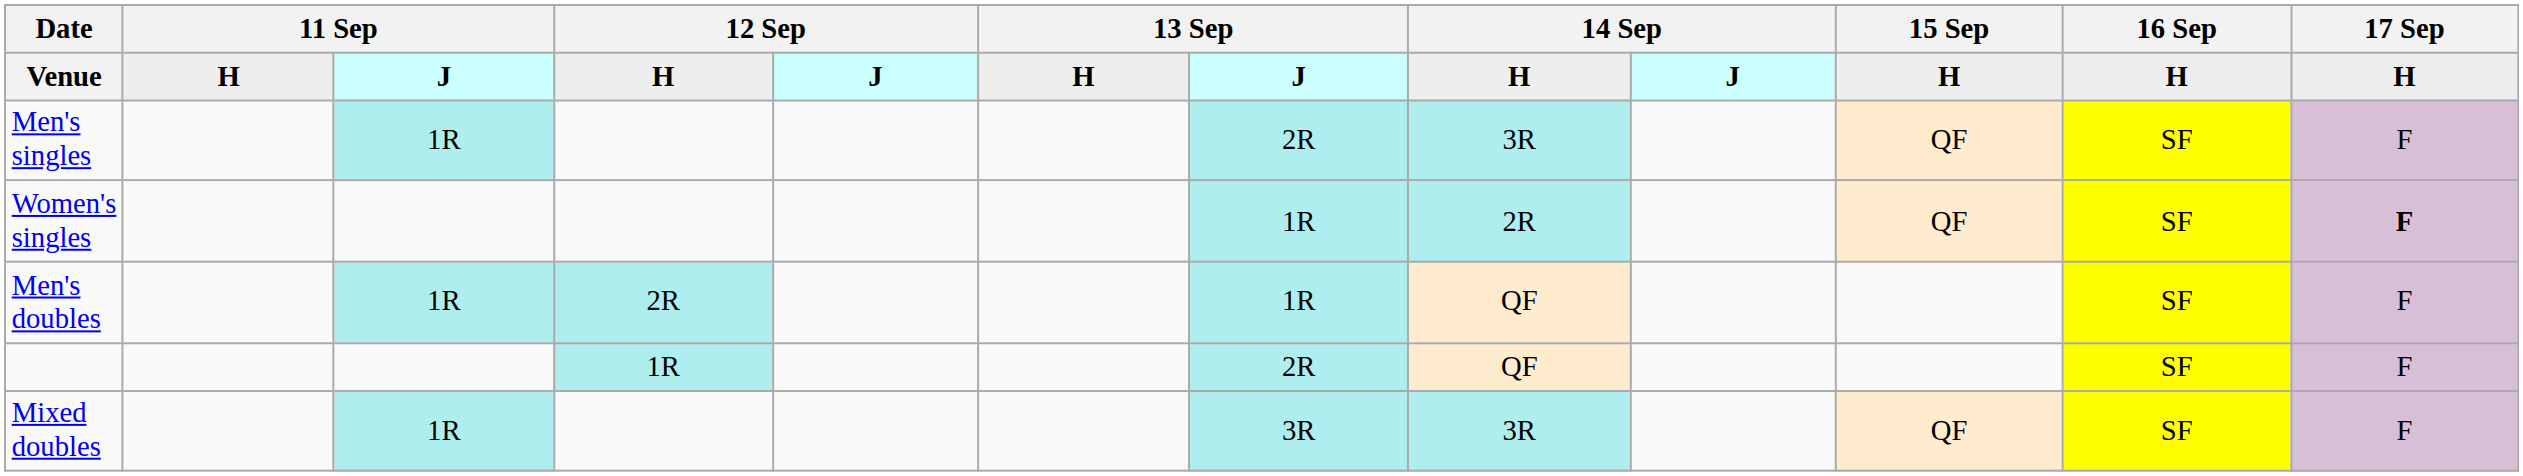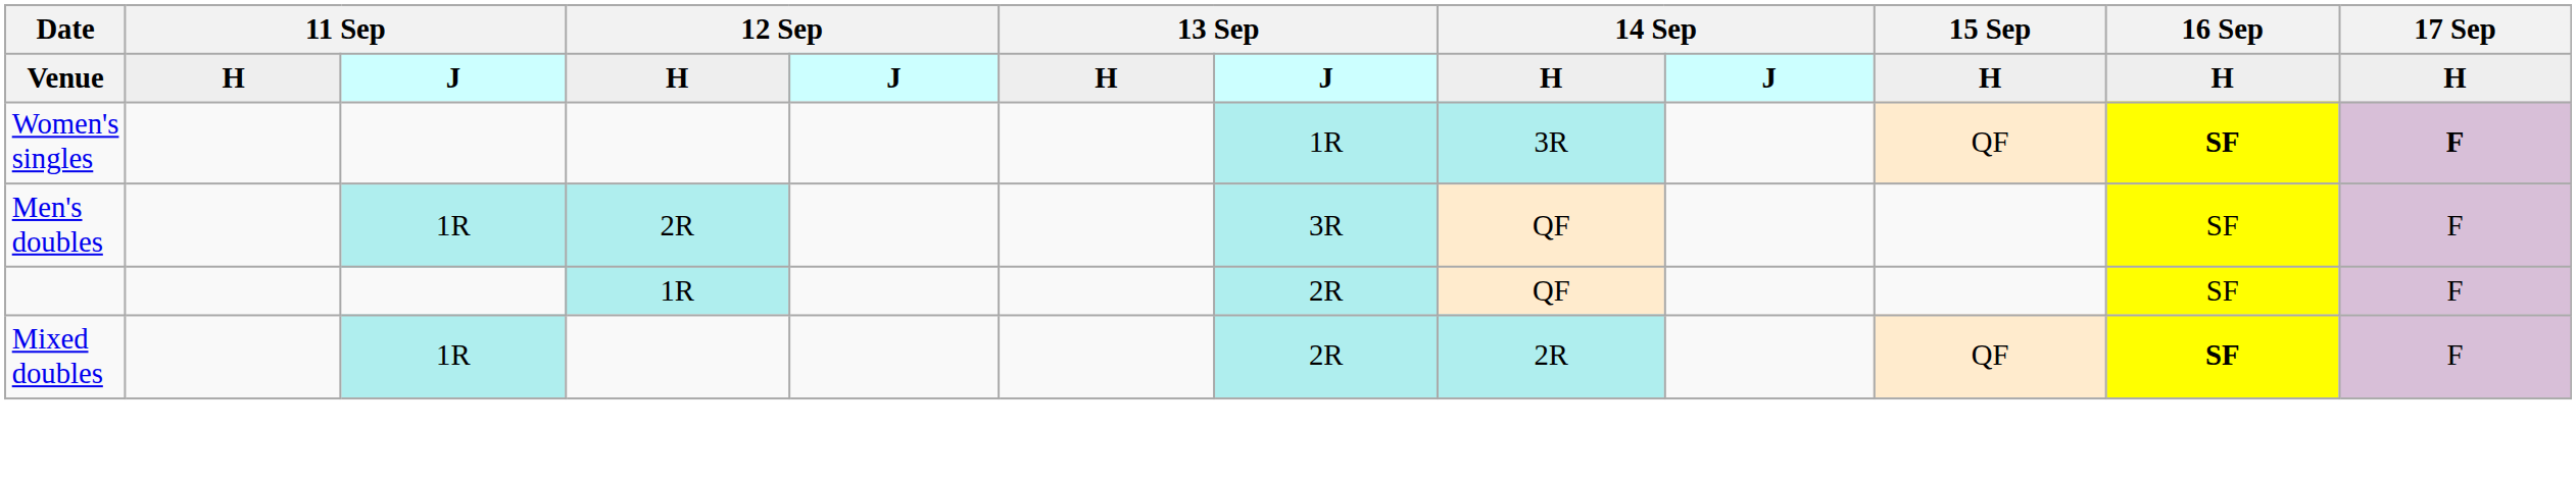 <table class="wikitable" style="margin:0.5em auto; font-size:90%; text-align:center; nowrap:yes">
 <tr>
 <th>Date</th>
 <th colspan="2">11 Sep</th>
 <th colspan="2">12 Sep</th>
 <th colspan="2">13 Sep</th>
 <th colspan="2">14 Sep</th>
 <th>15 Sep</th>
 <th>16 Sep</th>
 <th>17 Sep</th>
 </tr>
 <tr>
 <th>Venue</th>
 <th style="background-color:#EEEEEE; width:25em">H</th>
 <th style="background-color:#CCFFFF; width:25em">J</th>
 <th style="background-color:#EEEEEE; width:25em">H</th>
 <th style="background-color:#CCFFFF; width:25em">J</th>
 <th style="background-color:#EEEEEE; width:25em">H</th>
 <th style="background-color:#CCFFFF; width:25em">J</th>
 <th style="background-color:#EEEEEE; width:25em">H</th>
 <th style="background-color:#CCFFFF; width:25em">J</th>
 <th style="background-color:#EEEEEE; width:25em">H</th>
 <th style="background-color:#EEEEEE; width:25em">H</th>
 <th style="background-color:#EEEEEE; width:25em">H</th>
 </tr>
 <tr>
-<td align="left"><a href='#'>Men's singles</a></td>
-<td></td>
-<td bgcolor="#AFEEEE">1R</td>
-<td></td>
-<td></td>
-<td></td>
-<td bgcolor="#AFEEEE">2R</td>
-<td bgcolor="#AFEEEE">3R</td>
-<td></td>
-<td bgcolor="#FFEBCD">QF</td>
-<td bgcolor="#FFFF00">SF</td>
-<td bgcolor="#D8BFD8">F</td>
-</tr>
-<tr>
 <td align="left"><a href='#'>Women's singles</a></td>
 <td></td>
 <td></td>
 <td></td>
 <td></td>
 <td></td>
 <td bgcolor="#AFEEEE">1R</td>
-<td bgcolor="#AFEEEE">2R</td>
+<td bgcolor="#AFEEEE">3R</td>
 <td></td>
 <td bgcolor="#FFEBCD">QF</td>
-<td bgcolor="#FFFF00">SF</td>
+<td bgcolor="#FFFF00"><strong>SF</strong></td>
 <td bgcolor="#D8BFD8"><strong>F</strong></td>
 </tr>
 <tr>
 <td align="left"><a href='#'>Men's doubles</a></td>
 <td></td>
 <td bgcolor="#AFEEEE">1R</td>
 <td bgcolor="#AFEEEE">2R</td>
 <td></td>
 <td></td>
-<td bgcolor="#AFEEEE">1R</td>
+<td bgcolor="#AFEEEE">3R</td>
 <td bgcolor="#FFEBCD">QF</td>
 <td></td>
 <td></td>
 <td bgcolor="#FFFF00">SF</td>
 <td bgcolor="#D8BFD8">F</td>
 </tr>
 <tr>
 <td align="left"></td>
 <td></td>
 <td></td>
 <td bgcolor="#AFEEEE">1R</td>
 <td></td>
 <td></td>
 <td bgcolor="#AFEEEE">2R</td>
 <td bgcolor="#FFEBCD">QF</td>
 <td></td>
 <td></td>
 <td bgcolor="#FFFF00">SF</td>
 <td bgcolor="#D8BFD8">F</td>
 </tr>
 <tr>
 <td align="left"><a href='#'>Mixed doubles</a></td>
 <td></td>
 <td bgcolor="#AFEEEE">1R</td>
 <td></td>
 <td></td>
 <td></td>
-<td bgcolor="#AFEEEE">3R</td>
-<td bgcolor="#AFEEEE">3R</td>
+<td bgcolor="#AFEEEE">2R</td>
+<td bgcolor="#AFEEEE">2R</td>
 <td></td>
 <td bgcolor="#FFEBCD">QF</td>
-<td bgcolor="#FFFF00">SF</td>
+<td bgcolor="#FFFF00"><strong>SF</strong></td>
 <td bgcolor="#D8BFD8">F</td>
 </tr>
 </table>
